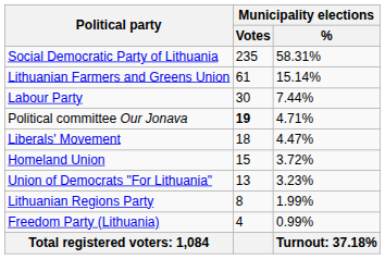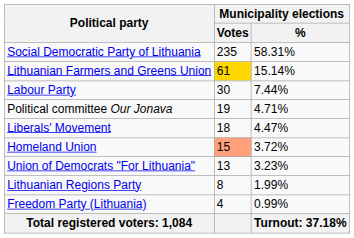 <table class="wikitable">
 <tr>
 <th rowspan="2">Political party</th>
 <th colspan="2">Municipality elections</th>
 </tr>
 <tr>
 <th>Votes </th>
 <th>%</th>
 </tr>
 <tr>
 <td><a href='#'>Social Democratic Party of Lithuania</a></td>
 <td>235</td>
 <td>58.31%</td>
 </tr>
 <tr>
 <td><a href='#'>Lithuanian Farmers and Greens Union</a></td>
-<td>61</td>
+<td style="background: gold;">61</td>
 <td>15.14%</td>
 </tr>
 <tr>
 <td><a href='#'>Labour Party</a></td>
 <td>30</td>
 <td>7.44%</td>
 </tr>
 <tr>
 <td>Political committee <em>Our Jonava</em></td>
-<td><strong>19</strong></td>
+<td>19</td>
 <td>4.71%</td>
 </tr>
 <tr>
 <td><a href='#'>Liberals' Movement</a></td>
 <td>18</td>
 <td>4.47%</td>
 </tr>
 <tr>
 <td><a href='#'>Homeland Union</a></td>
-<td>15</td>
+<td style="background: lightsalmon;">15</td>
 <td>3.72%</td>
 </tr>
 <tr>
 <td><a href='#'>Union of Democrats "For Lithuania"</a></td>
 <td>13</td>
 <td>3.23%</td>
 </tr>
 <tr>
 <td><a href='#'>Lithuanian Regions Party</a></td>
 <td>8</td>
 <td>1.99%</td>
 </tr>
 <tr>
 <td><a href='#'>Freedom Party (Lithuania)</a></td>
 <td>4</td>
 <td>0.99%</td>
 </tr>
 <tr>
 <th>Total registered voters: 1,084</th>
 <th></th>
 <th>Turnout: 37.18%</th>
 </tr>
 </table>
